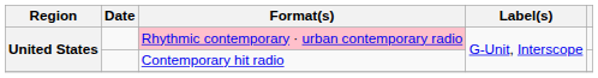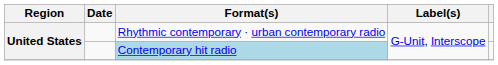 <table class="wikitable plainrowheaders" style="text-align:left">
 <tr>
 <th scope="col">Region</th>
 <th scope="col">Date</th>
 <th scope="col">Format(s)</th>
 <th scope="col">Label(s)</th>
 <th scope="col"></th>
 </tr>
 <tr>
 <th scope="row" rowspan="2">United States</th>
 <td></td>
-<td style="background: pink;"><a href='#'>Rhythmic contemporary</a> · <a href='#'>urban contemporary radio</a></td>
+<td><a href='#'>Rhythmic contemporary</a> · <a href='#'>urban contemporary radio</a></td>
 <td rowspan="2"><a href='#'>G-Unit</a>, <a href='#'>Interscope</a></td>
 <td></td>
 </tr>
 <tr>
 <td></td>
-<td><a href='#'>Contemporary hit radio</a></td>
+<td style="background: lightblue;"><a href='#'>Contemporary hit radio</a></td>
 <td></td>
 </tr>
 <tr>
 </tr>
 </table>
